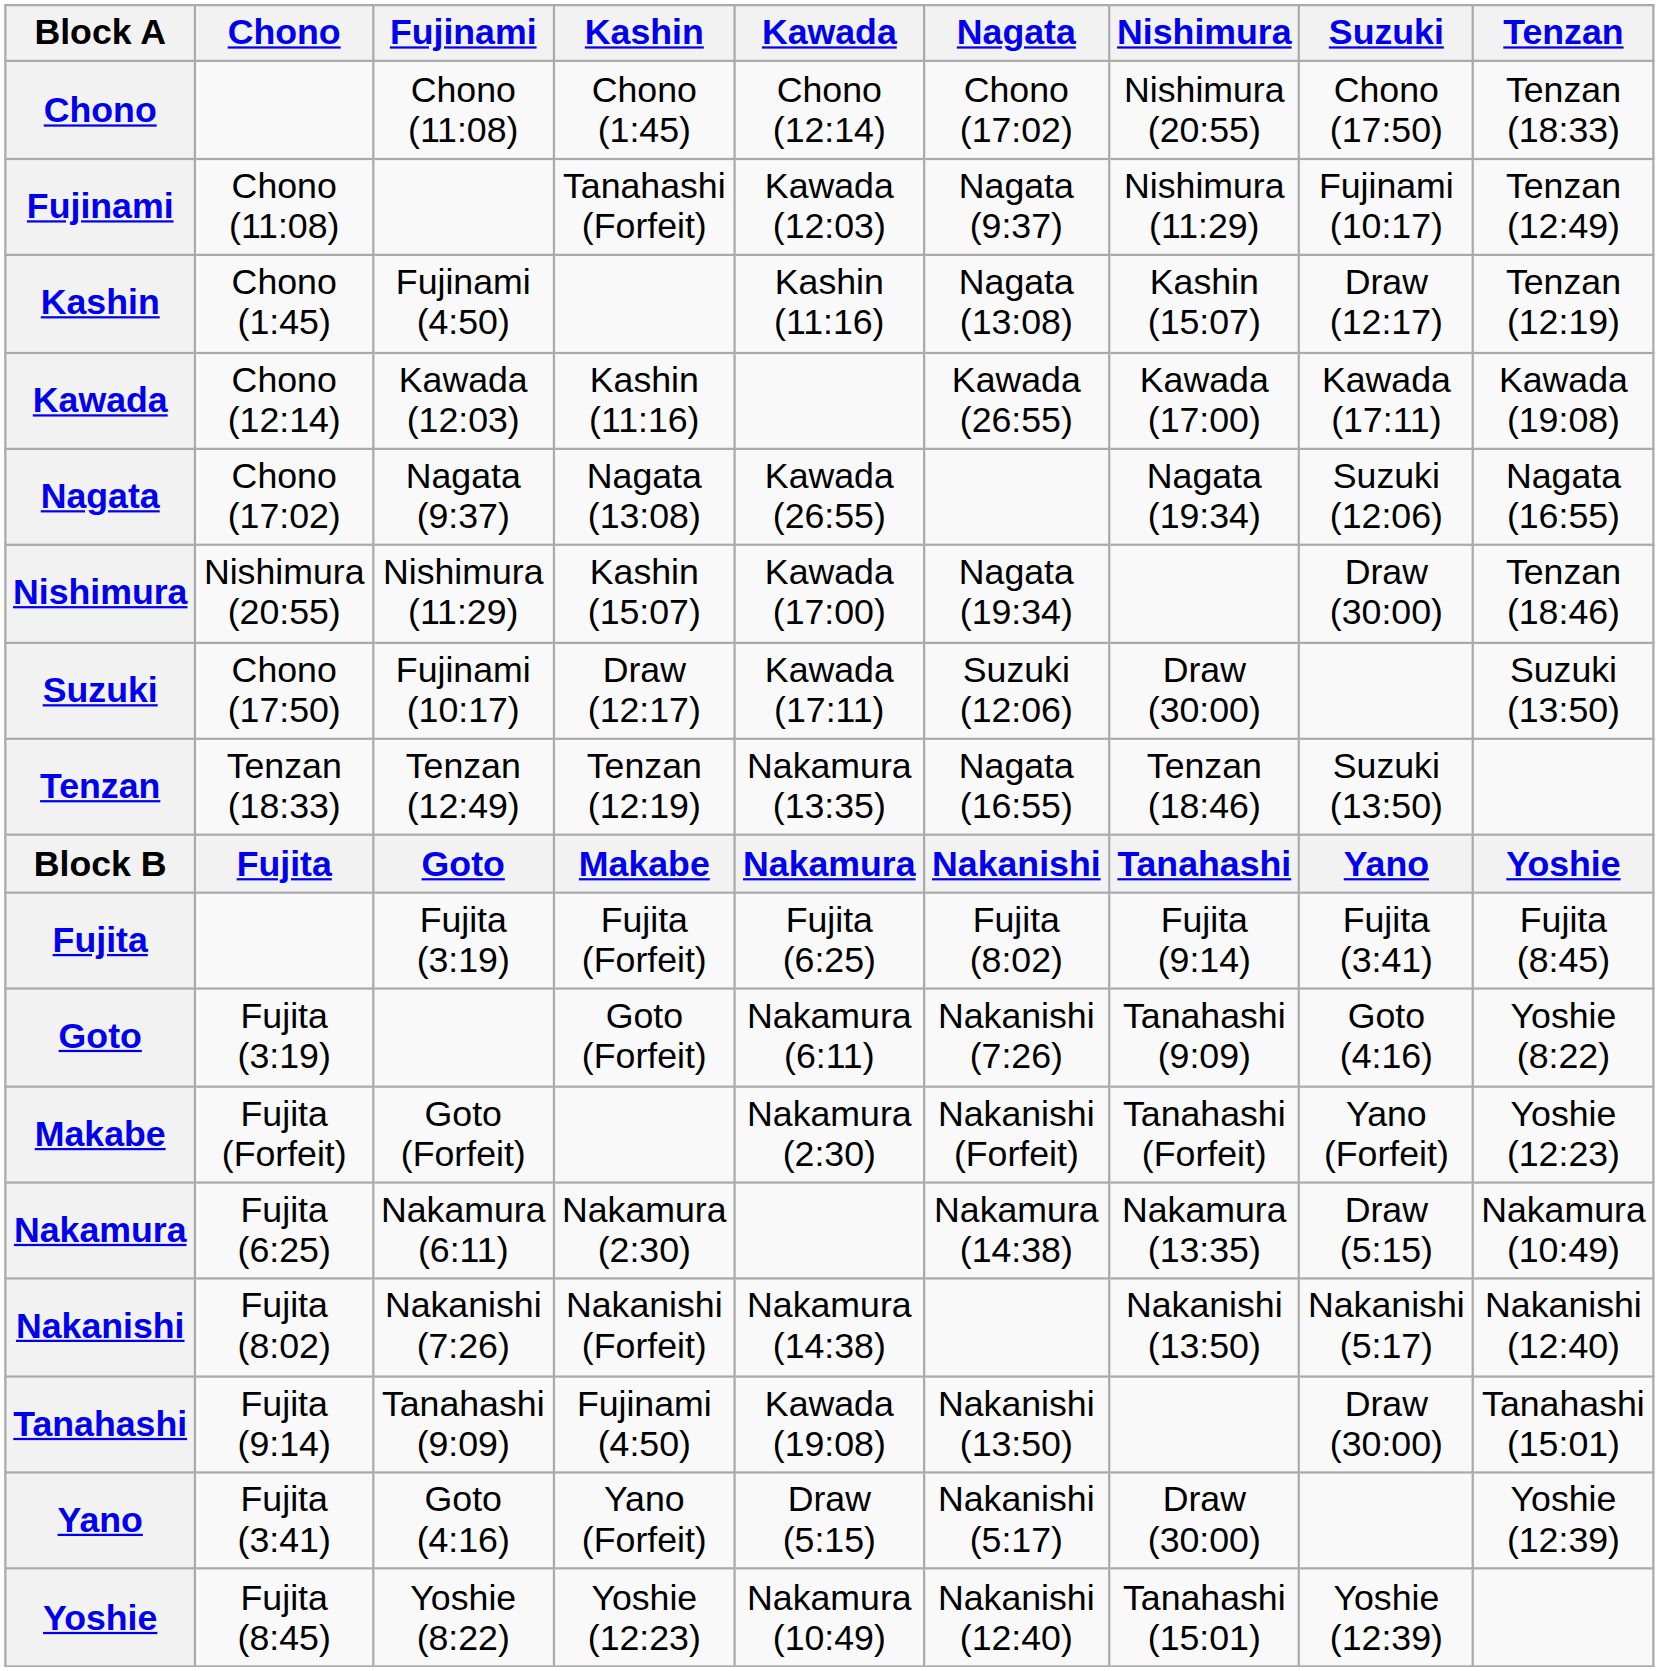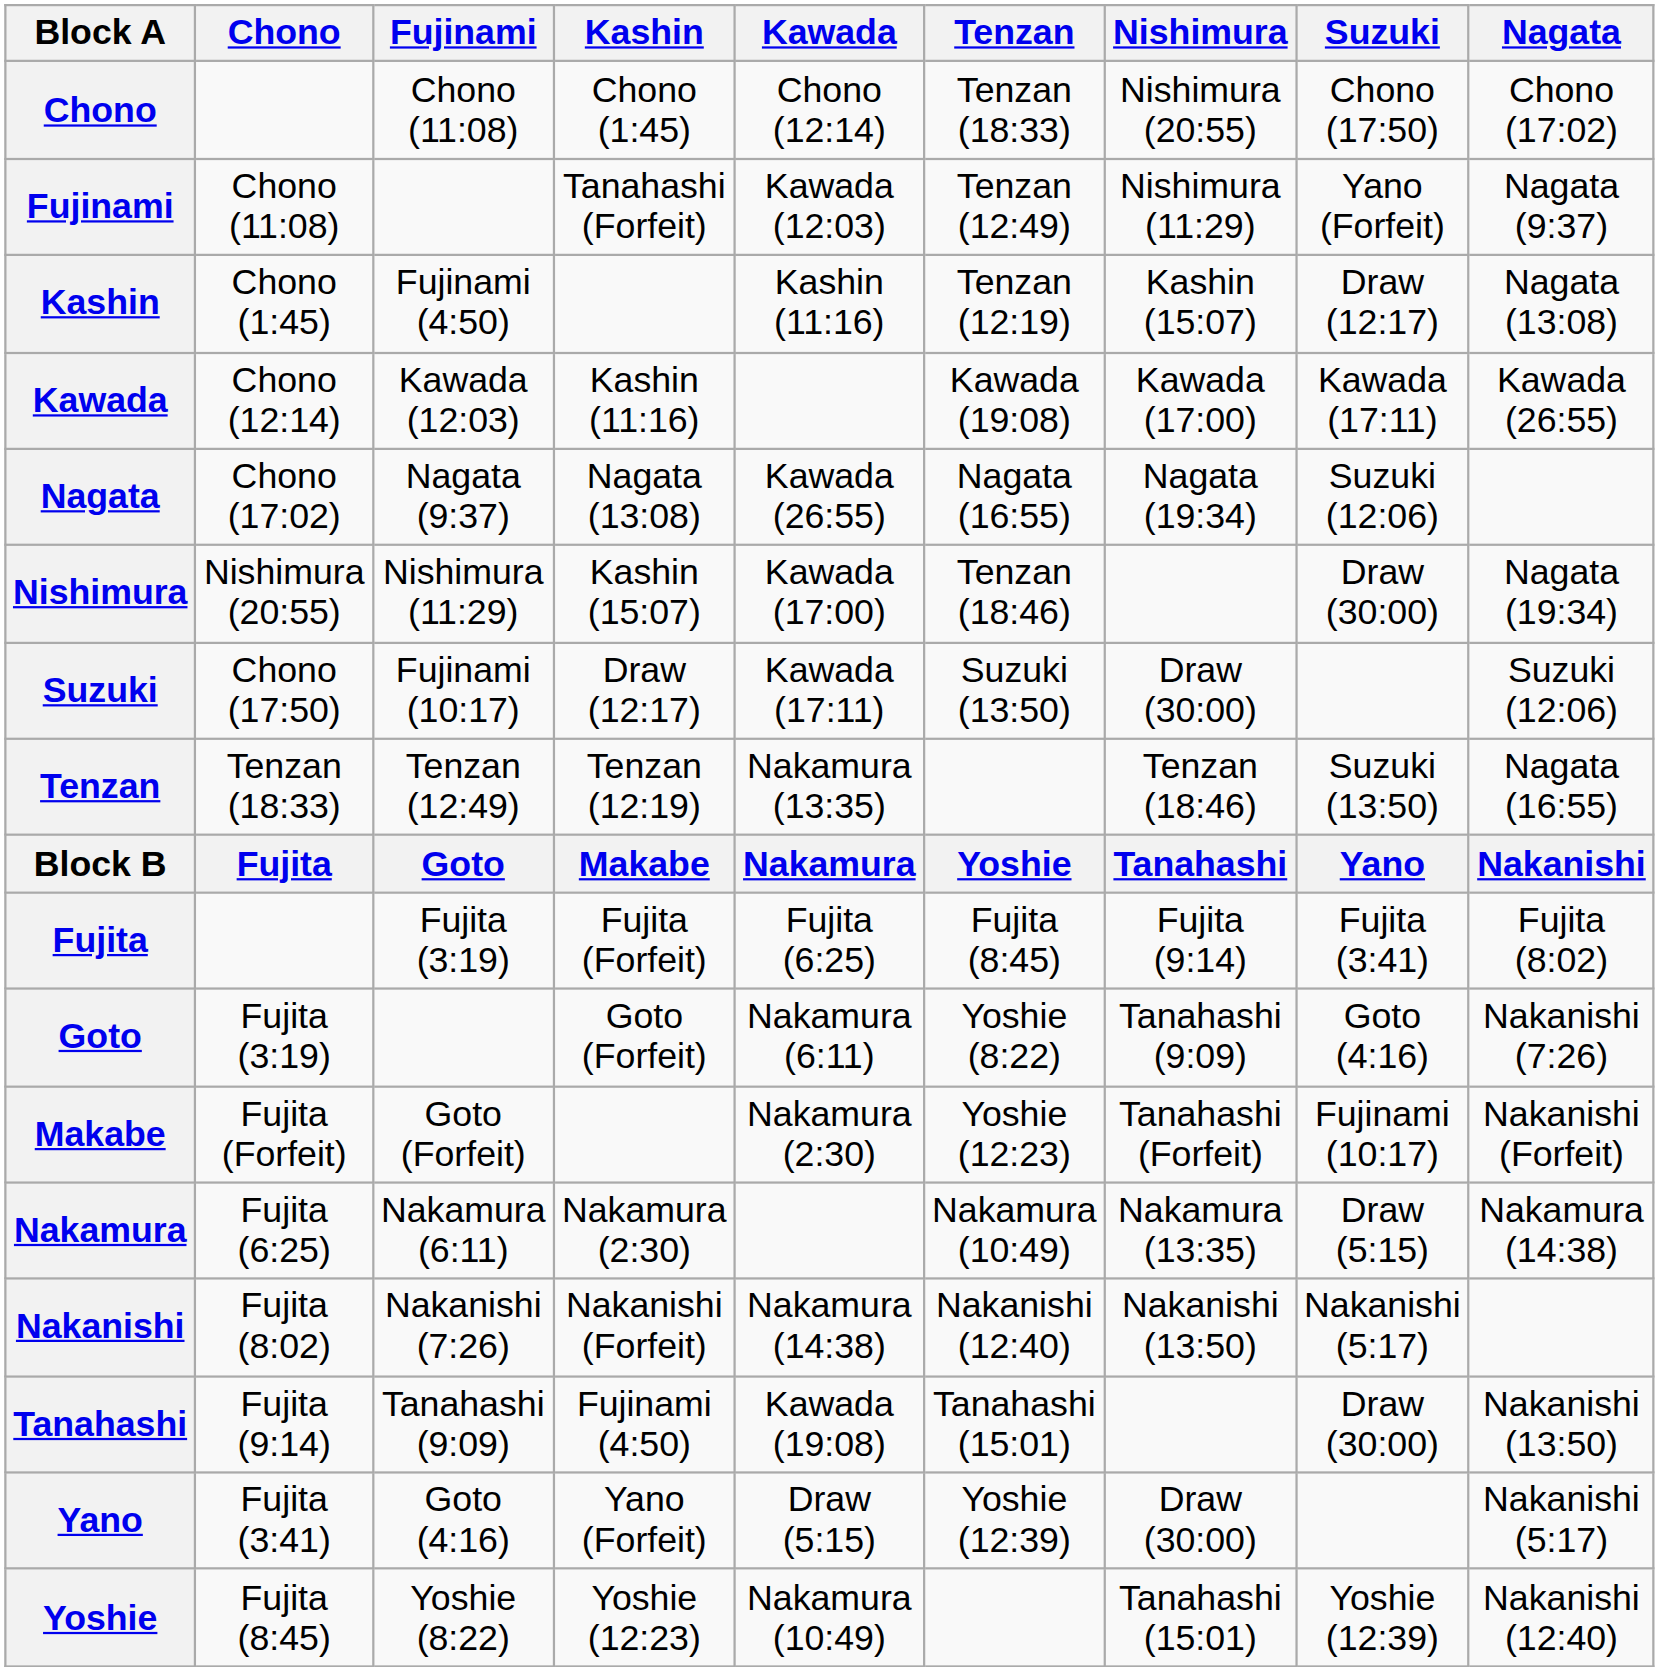 <table class="wikitable" style="margin: 1em auto 1em auto">
 <tr align="center">
 <th>Block A</th>
 <th><a href='#'>Chono</a></th>
 <th><a href='#'>Fujinami</a></th>
 <th><a href='#'>Kashin</a></th>
 <th><a href='#'>Kawada</a></th>
-<th><a href='#'>Nagata</a></th>
+<th><a href='#'>Tenzan</a></th>
 <th><a href='#'>Nishimura</a></th>
 <th><a href='#'>Suzuki</a></th>
-<th><a href='#'>Tenzan</a></th>
+<th><a href='#'>Nagata</a></th>
 </tr>
 <tr align="center">
 <th><a href='#'>Chono</a></th>
 <td></td>
 <td>Chono<br>(11:08)</td>
 <td>Chono<br>(1:45)</td>
 <td>Chono<br>(12:14)</td>
-<td>Chono<br>(17:02)</td>
+<td>Tenzan<br>(18:33)</td>
 <td>Nishimura<br>(20:55)</td>
 <td>Chono<br>(17:50)</td>
-<td>Tenzan<br>(18:33)</td>
+<td>Chono<br>(17:02)</td>
 </tr>
 <tr align="center">
 <th><a href='#'>Fujinami</a></th>
 <td>Chono<br>(11:08)</td>
 <td></td>
 <td>Tanahashi<br>(Forfeit)</td>
 <td>Kawada<br>(12:03)</td>
+<td>Tenzan<br>(12:49)</td>
+<td>Nishimura<br>(11:29)</td>
+<td>Yano<br>(Forfeit)</td>
 <td>Nagata<br>(9:37)</td>
-<td>Nishimura<br>(11:29)</td>
-<td>Fujinami<br>(10:17)</td>
-<td>Tenzan<br>(12:49)</td>
 </tr>
 <tr align="center">
 <th><a href='#'>Kashin</a></th>
 <td>Chono<br>(1:45)</td>
 <td>Fujinami<br>(4:50)</td>
 <td></td>
 <td>Kashin<br>(11:16)</td>
-<td>Nagata<br>(13:08)</td>
+<td>Tenzan<br>(12:19)</td>
 <td>Kashin<br>(15:07)</td>
 <td>Draw<br>(12:17)</td>
-<td>Tenzan<br>(12:19)</td>
+<td>Nagata<br>(13:08)</td>
 </tr>
 <tr align="center">
 <th><a href='#'>Kawada</a></th>
 <td>Chono<br>(12:14)</td>
 <td>Kawada<br>(12:03)</td>
 <td>Kashin<br>(11:16)</td>
 <td></td>
-<td>Kawada<br>(26:55)</td>
+<td>Kawada<br>(19:08)</td>
 <td>Kawada<br>(17:00)</td>
 <td>Kawada<br>(17:11)</td>
-<td>Kawada<br>(19:08)</td>
+<td>Kawada<br>(26:55)</td>
 </tr>
 <tr align="center">
 <th><a href='#'>Nagata</a></th>
 <td>Chono<br>(17:02)</td>
 <td>Nagata<br>(9:37)</td>
 <td>Nagata<br>(13:08)</td>
 <td>Kawada<br>(26:55)</td>
-<td></td>
+<td>Nagata<br>(16:55)</td>
 <td>Nagata<br>(19:34)</td>
 <td>Suzuki<br>(12:06)</td>
-<td>Nagata<br>(16:55)</td>
+<td></td>
 </tr>
 <tr align="center">
 <th><a href='#'>Nishimura</a></th>
 <td>Nishimura<br>(20:55)</td>
 <td>Nishimura<br>(11:29)</td>
 <td>Kashin<br>(15:07)</td>
 <td>Kawada<br>(17:00)</td>
-<td>Nagata<br>(19:34)</td>
+<td>Tenzan<br>(18:46)</td>
 <td></td>
 <td>Draw<br>(30:00)</td>
-<td>Tenzan<br>(18:46)</td>
+<td>Nagata<br>(19:34)</td>
 </tr>
 <tr align="center">
 <th><a href='#'>Suzuki</a></th>
 <td>Chono<br>(17:50)</td>
 <td>Fujinami<br>(10:17)</td>
 <td>Draw<br>(12:17)</td>
 <td>Kawada<br>(17:11)</td>
-<td>Suzuki<br>(12:06)</td>
+<td>Suzuki<br>(13:50)</td>
 <td>Draw<br>(30:00)</td>
 <td></td>
-<td>Suzuki<br>(13:50)</td>
+<td>Suzuki<br>(12:06)</td>
 </tr>
 <tr align="center">
 <th><a href='#'>Tenzan</a></th>
 <td>Tenzan<br>(18:33)</td>
 <td>Tenzan<br>(12:49)</td>
 <td>Tenzan<br>(12:19)</td>
 <td>Nakamura<br>(13:35)</td>
-<td>Nagata<br>(16:55)</td>
+<td></td>
 <td>Tenzan<br>(18:46)</td>
 <td>Suzuki<br>(13:50)</td>
-<td></td>
+<td>Nagata<br>(16:55)</td>
 </tr>
 <tr align="center">
 <th>Block B</th>
 <th><a href='#'>Fujita</a></th>
 <th><a href='#'>Goto</a></th>
 <th><a href='#'>Makabe</a></th>
 <th><a href='#'>Nakamura</a></th>
-<th><a href='#'>Nakanishi</a></th>
+<th><a href='#'>Yoshie</a></th>
 <th><a href='#'>Tanahashi</a></th>
 <th><a href='#'>Yano</a></th>
-<th><a href='#'>Yoshie</a></th>
+<th><a href='#'>Nakanishi</a></th>
 </tr>
 <tr align="center">
 <th><a href='#'>Fujita</a></th>
 <td></td>
 <td>Fujita<br>(3:19)</td>
 <td>Fujita<br>(Forfeit)</td>
 <td>Fujita<br>(6:25)</td>
-<td>Fujita<br>(8:02)</td>
+<td>Fujita<br>(8:45)</td>
 <td>Fujita<br>(9:14)</td>
 <td>Fujita<br>(3:41)</td>
-<td>Fujita<br>(8:45)</td>
+<td>Fujita<br>(8:02)</td>
 </tr>
 <tr align="center">
 <th><a href='#'>Goto</a></th>
 <td>Fujita<br>(3:19)</td>
 <td></td>
 <td>Goto<br>(Forfeit)</td>
 <td>Nakamura<br>(6:11)</td>
-<td>Nakanishi<br>(7:26)</td>
+<td>Yoshie<br>(8:22)</td>
 <td>Tanahashi<br>(9:09)</td>
 <td>Goto<br>(4:16)</td>
-<td>Yoshie<br>(8:22)</td>
+<td>Nakanishi<br>(7:26)</td>
 </tr>
 <tr align="center">
 <th><a href='#'>Makabe</a></th>
 <td>Fujita<br>(Forfeit)</td>
 <td>Goto<br>(Forfeit)</td>
 <td></td>
 <td>Nakamura<br>(2:30)</td>
+<td>Yoshie<br>(12:23)</td>
+<td>Tanahashi<br>(Forfeit)</td>
+<td>Fujinami<br>(10:17)</td>
 <td>Nakanishi<br>(Forfeit)</td>
-<td>Tanahashi<br>(Forfeit)</td>
-<td>Yano<br>(Forfeit)</td>
-<td>Yoshie<br>(12:23)</td>
 </tr>
 <tr align="center">
 <th><a href='#'>Nakamura</a></th>
 <td>Fujita<br>(6:25)</td>
 <td>Nakamura<br>(6:11)</td>
 <td>Nakamura<br>(2:30)</td>
 <td></td>
-<td>Nakamura<br>(14:38)</td>
+<td>Nakamura<br>(10:49)</td>
 <td>Nakamura<br>(13:35)</td>
 <td>Draw<br>(5:15)</td>
-<td>Nakamura<br>(10:49)</td>
+<td>Nakamura<br>(14:38)</td>
 </tr>
 <tr align="center">
 <th><a href='#'>Nakanishi</a></th>
 <td>Fujita<br>(8:02)</td>
 <td>Nakanishi<br>(7:26)</td>
 <td>Nakanishi<br>(Forfeit)</td>
 <td>Nakamura<br>(14:38)</td>
-<td></td>
+<td>Nakanishi<br>(12:40)</td>
 <td>Nakanishi<br>(13:50)</td>
 <td>Nakanishi<br>(5:17)</td>
-<td>Nakanishi<br>(12:40)</td>
+<td></td>
 </tr>
 <tr align="center">
 <th><a href='#'>Tanahashi</a></th>
 <td>Fujita<br>(9:14)</td>
 <td>Tanahashi<br>(9:09)</td>
 <td>Fujinami<br>(4:50)</td>
 <td>Kawada<br>(19:08)</td>
-<td>Nakanishi<br>(13:50)</td>
+<td>Tanahashi<br>(15:01)</td>
 <td></td>
 <td>Draw<br>(30:00)</td>
-<td>Tanahashi<br>(15:01)</td>
+<td>Nakanishi<br>(13:50)</td>
 </tr>
 <tr align="center">
 <th><a href='#'>Yano</a></th>
 <td>Fujita<br>(3:41)</td>
 <td>Goto<br>(4:16)</td>
 <td>Yano<br>(Forfeit)</td>
 <td>Draw<br>(5:15)</td>
-<td>Nakanishi<br>(5:17)</td>
+<td>Yoshie<br>(12:39)</td>
 <td>Draw<br>(30:00)</td>
 <td></td>
-<td>Yoshie<br>(12:39)</td>
+<td>Nakanishi<br>(5:17)</td>
 </tr>
 <tr align="center">
 <th><a href='#'>Yoshie</a></th>
 <td>Fujita<br>(8:45)</td>
 <td>Yoshie<br>(8:22)</td>
 <td>Yoshie<br>(12:23)</td>
 <td>Nakamura<br>(10:49)</td>
-<td>Nakanishi<br>(12:40)</td>
+<td></td>
 <td>Tanahashi<br>(15:01)</td>
 <td>Yoshie<br>(12:39)</td>
-<td></td>
+<td>Nakanishi<br>(12:40)</td>
 </tr>
 </table>
